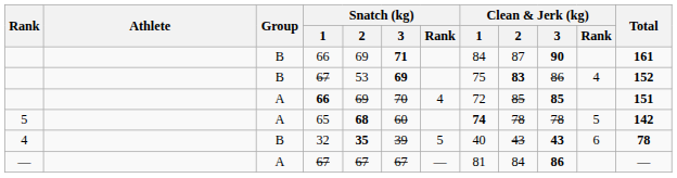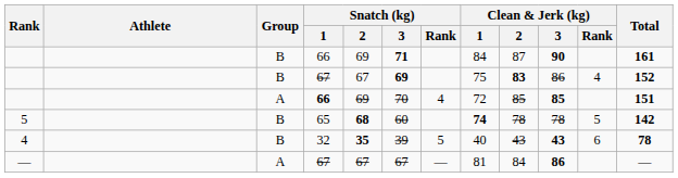 <table class = "wikitable" style="text-align:center;">
 <tr>
 <th rowspan=2 width=40>Rank</th>
 <th rowspan=2 width=250>Athlete</th>
 <th rowspan=2 width=50>Group</th>
 <th colspan=4>Snatch (kg)</th>
 <th colspan=4>Clean & Jerk (kg)</th>
 <th rowspan=2 width=60>Total</th>
 </tr>
 <tr>
 <th width=40>1</th>
 <th width=40>2</th>
 <th width=40>3</th>
 <th width=40>Rank</th>
 <th width=40>1</th>
 <th width=40>2</th>
 <th width=40>3</th>
 <th width=40>Rank</th>
 </tr>
 <tr>
 <td></td>
 <td align=left></td>
 <td>B</td>
 <td>66</td>
 <td>69</td>
 <td><strong>71</strong></td>
 <td></td>
 <td>84</td>
 <td>87</td>
 <td><strong>90</strong></td>
 <td></td>
 <td><strong>161</strong></td>
 </tr>
 <tr>
 <td></td>
 <td align=left></td>
 <td>B</td>
 <td><s>67</s></td>
-<td>53</td>
+<td>67</td>
 <td><strong>69</strong></td>
 <td></td>
 <td>75</td>
 <td><strong>83</strong></td>
 <td><s>86</s></td>
 <td>4</td>
 <td><strong>152</strong></td>
 </tr>
 <tr>
 <td></td>
 <td align=left></td>
 <td>A</td>
 <td><strong>66</strong></td>
 <td><s>69</s></td>
 <td><s>70</s></td>
 <td>4</td>
 <td>72</td>
 <td><s>85</s></td>
 <td><strong>85</strong></td>
 <td></td>
 <td><strong>151</strong></td>
 </tr>
 <tr>
 <td>5</td>
 <td align=left></td>
-<td>A</td>
+<td>B</td>
 <td>65</td>
 <td><strong>68</strong></td>
 <td><s>60</s></td>
 <td></td>
 <td><strong>74</strong></td>
 <td><s>78</s></td>
 <td><s>78</s></td>
 <td>5</td>
 <td><strong>142</strong></td>
 </tr>
 <tr>
 <td>4</td>
 <td align=left></td>
 <td>B</td>
 <td>32</td>
 <td><strong>35</strong></td>
 <td><s>39</s></td>
 <td>5</td>
 <td>40</td>
 <td><s>43</s></td>
 <td><strong>43</strong></td>
 <td>6</td>
 <td><strong>78</strong></td>
 </tr>
 <tr>
 <td>—</td>
 <td align=left></td>
 <td>A</td>
 <td><s>67</s></td>
 <td><s>67</s></td>
 <td><s>67</s></td>
 <td>—</td>
 <td>81</td>
 <td>84</td>
 <td><strong>86</strong></td>
 <td></td>
 <td>—</td>
 </tr>
 </table>
